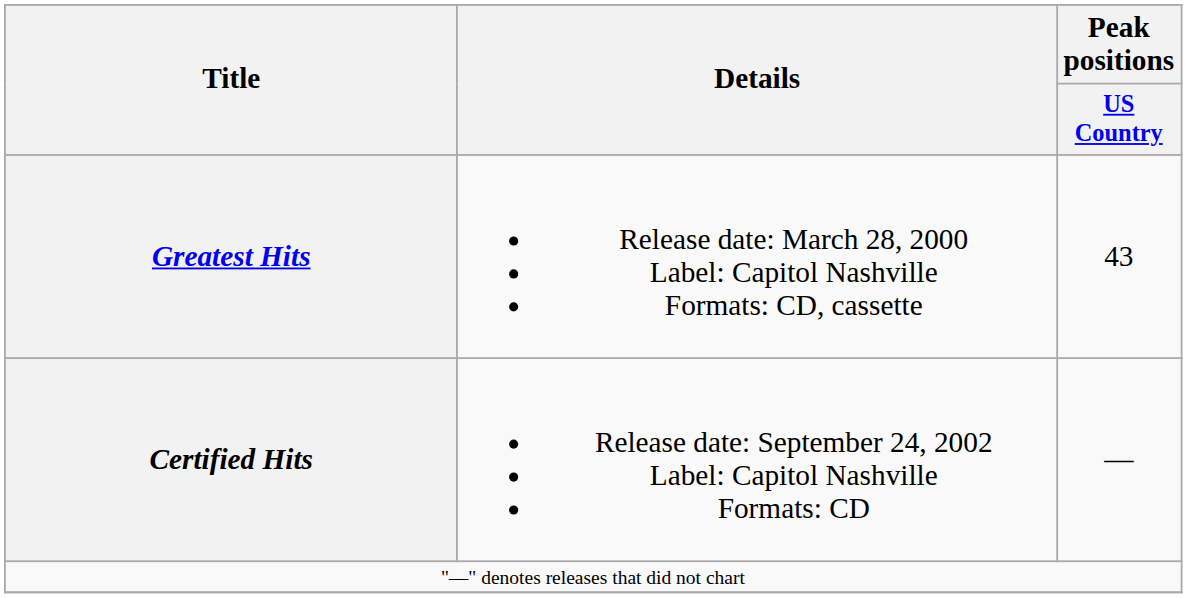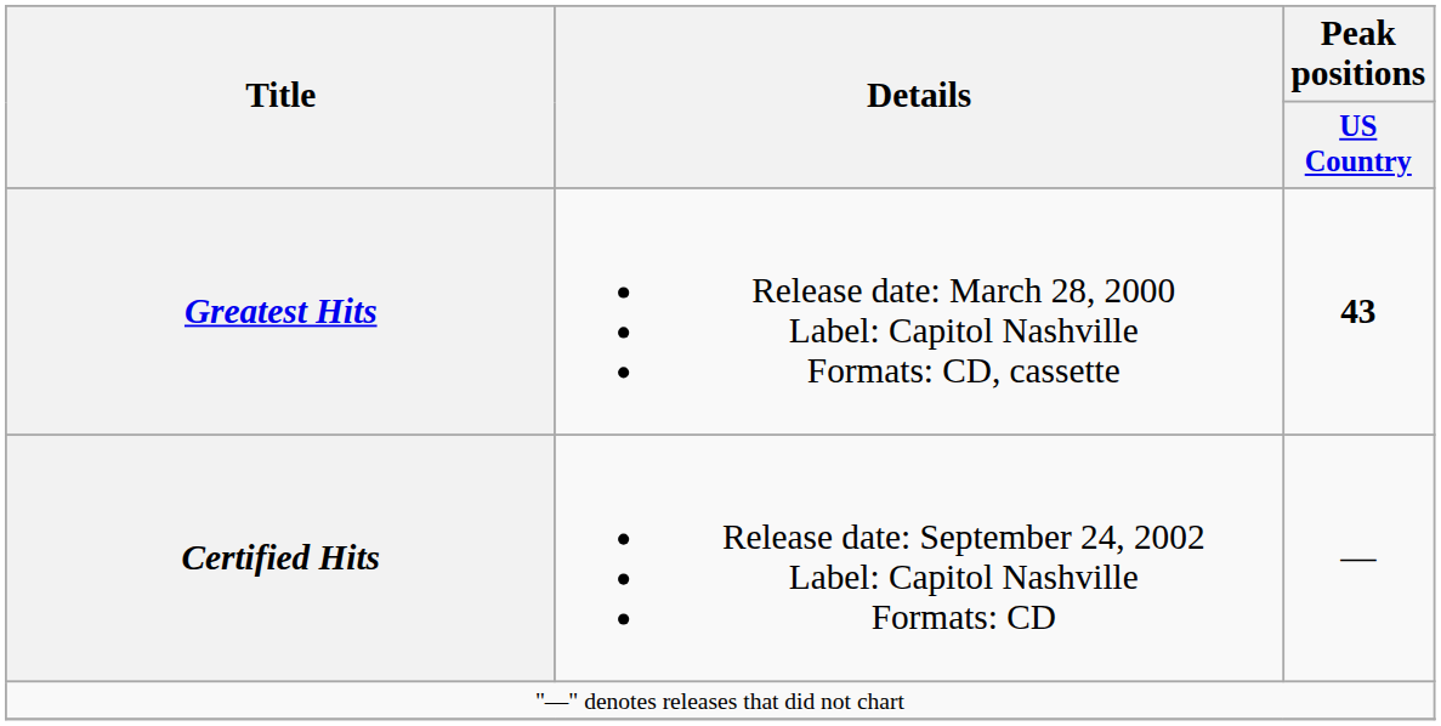 <table class="wikitable plainrowheaders" style="text-align:center;">
 <tr>
 <th rowspan="2" style="width:15em;">Title</th>
 <th rowspan="2" style="width:20em;">Details</th>
 <th colspan="1">Peak positions</th>
 </tr>
 <tr style="font-size:smaller;">
 <th width="40"><a href='#'>US Country</a><br></th>
 </tr>
 <tr>
 <th scope="row"><em><a href='#'>Greatest Hits</a></em></th>
 <td><br><ul><li>Release date: March 28, 2000</li><li>Label: Capitol Nashville</li><li>Formats: CD, cassette</li></ul></td>
-<td>43</td>
+<td><strong>43</strong></td>
 </tr>
 <tr>
 <th scope="row"><em>Certified Hits</em></th>
 <td><br><ul><li>Release date: September 24, 2002</li><li>Label: Capitol Nashville</li><li>Formats: CD</li></ul></td>
 <td>—</td>
 </tr>
 <tr>
 <td colspan="10" style="font-size:8pt">"—" denotes releases that did not chart</td>
 </tr>
 <tr>
 </tr>
 </table>
